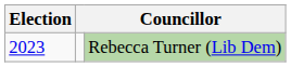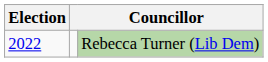 <table class="wikitable">
 <tr>
 <th>Election</th>
 <th colspan="2">Councillor</th>
 </tr>
 <tr>
-<td><a href='#'>2023</a></td>
+<td><a href='#'>2022</a></td>
 <td style="background-color: "></td>
 <td bgcolor="#B6D7A8">Rebecca Turner (<a href='#'>Lib Dem</a>)</td>
 </tr>
 </table>
